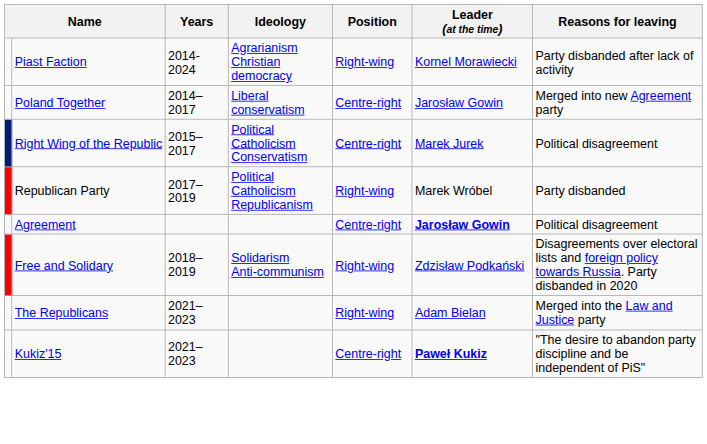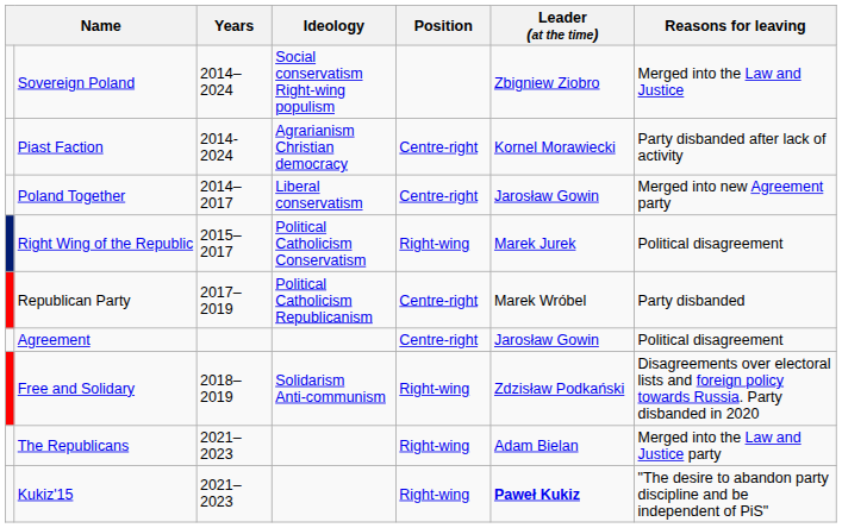 <table class="wikitable" style="font-size:95%;">
 <tr>
 <th colspan="2" style="width:70px">Name</th>
 <th style="width:70px">Years</th>
 <th style="width:120px">Ideology</th>
 <th style="width:90px">Position</th>
 <th style="width:140px">Leader <br> <em>(<small>at the time</small>)</em></th>
 <th style="width:200px">Reasons for leaving</th>
 </tr>
 <tr>
 <td style="width:2px;background:"></td>
+<td><a href='#'>Sovereign Poland</a></td>
+<td>2014–2024</td>
+<td><a href='#'>Social conservatism</a><br><a href='#'>Right-wing populism</a></td>
+<td></td>
+<td><a href='#'>Zbigniew Ziobro</a></td>
+<td>Merged into the <a href='#'>Law and Justice</a></td>
+</tr>
+<tr>
+<td style="width:2px;background:"></td>
 <td><a href='#'>Piast Faction</a></td>
 <td>2014-2024</td>
 <td><a href='#'>Agrarianism</a><br><a href='#'>Christian democracy</a></td>
-<td><a href='#'>Right-wing</a></td>
+<td><a href='#'>Centre-right</a></td>
 <td><a href='#'>Kornel Morawiecki</a></td>
 <td>Party disbanded after lack of activity</td>
 </tr>
 <tr>
 <td style="width:2px;background:"></td>
 <td><a href='#'>Poland Together</a></td>
 <td>2014–2017</td>
 <td><a href='#'>Liberal conservatism</a></td>
 <td><a href='#'>Centre-right</a></td>
 <td><a href='#'>Jarosław Gowin</a></td>
 <td>Merged into new <a href='#'>Agreement</a> party</td>
 </tr>
 <tr>
 <td style="width:2px;background:#021C72"></td>
 <td><a href='#'>Right Wing of the Republic</a></td>
 <td>2015–2017</td>
 <td><a href='#'>Political Catholicism</a><br><a href='#'>Conservatism</a></td>
-<td><a href='#'>Centre-right</a></td>
+<td><a href='#'>Right-wing</a></td>
 <td><a href='#'>Marek Jurek</a></td>
 <td>Political disagreement</td>
 </tr>
 <tr>
 <td style="width:2px;background:#FF0000"></td>
 <td>Republican Party</td>
 <td>2017–2019</td>
 <td><a href='#'>Political Catholicism</a><br><a href='#'>Republicanism</a></td>
-<td><a href='#'>Right-wing</a></td>
+<td><a href='#'>Centre-right</a></td>
 <td>Marek Wróbel</td>
 <td>Party disbanded</td>
 </tr>
 <tr>
 <td style="width:2px;background:"></td>
 <td><a href='#'>Agreement</a></td>
 <td></td>
 <td></td>
 <td><a href='#'>Centre-right</a></td>
-<td><strong><a href='#'>Jarosław Gowin</a></strong></td>
+<td><a href='#'>Jarosław Gowin</a></td>
 <td>Political disagreement</td>
 </tr>
 <tr>
 <td style="width:2px;background:red;"></td>
 <td><a href='#'>Free and Solidary</a></td>
 <td>2018–2019</td>
 <td><a href='#'>Solidarism</a><br><a href='#'>Anti-communism</a></td>
 <td><a href='#'>Right-wing</a></td>
 <td><a href='#'>Zdzisław Podkański</a></td>
 <td>Disagreements over electoral lists and <a href='#'>foreign policy towards Russia</a>. Party disbanded in 2020</td>
 </tr>
 <tr>
 <td style="width:2px;background:"></td>
 <td><a href='#'>The Republicans</a></td>
 <td>2021–2023</td>
 <td></td>
 <td><a href='#'>Right-wing</a></td>
 <td><a href='#'>Adam Bielan</a></td>
 <td>Merged into the <a href='#'>Law and Justice</a> party</td>
 </tr>
 <tr>
 <td style="width:2px;background:"></td>
 <td><a href='#'>Kukiz'15</a></td>
 <td>2021–2023</td>
 <td></td>
-<td><a href='#'>Centre-right</a></td>
+<td><a href='#'>Right-wing</a></td>
 <td><strong><a href='#'>Paweł Kukiz</a></strong></td>
 <td>"The desire to abandon party discipline and be independent of PiS"</td>
 </tr>
 </table>
